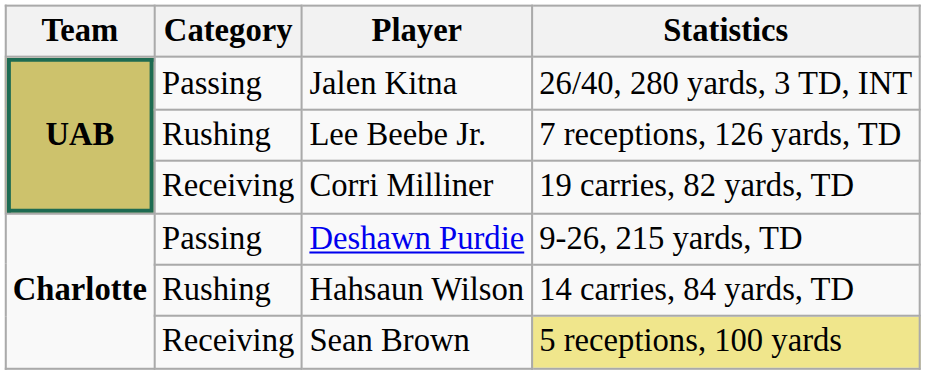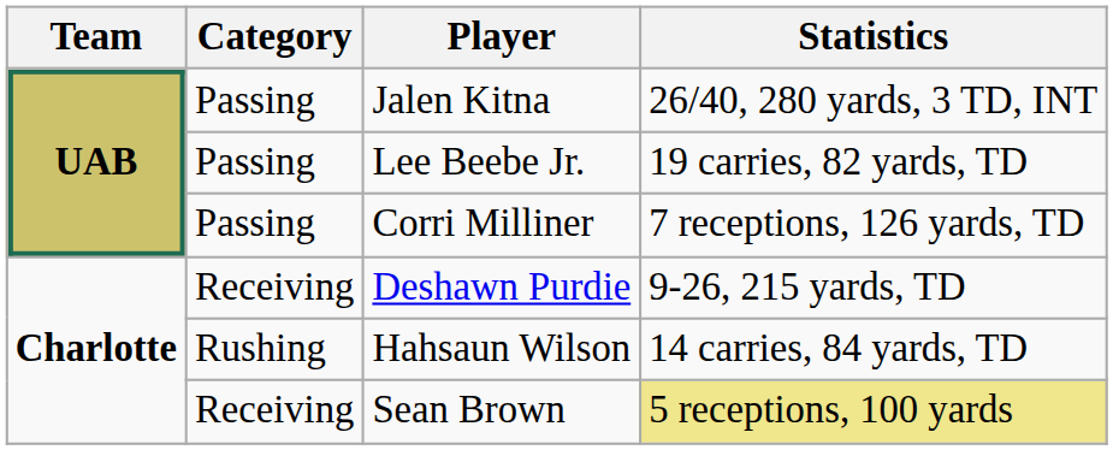 <table class="wikitable" style="float: right;">
 <tr>
 <th>Team</th>
 <th>Category</th>
 <th>Player</th>
 <th>Statistics</th>
 </tr>
 <tr>
 <td rowspan=3 style="background-color:#CDC26C;color:#000000;box-shadow: inset 2px 2px 0 #1E6B52, inset -2px -2px 0 #1E6B52; text-align:center;"><strong>UAB</strong></td>
 <td>Passing</td>
 <td>Jalen Kitna</td>
 <td>26/40, 280 yards, 3 TD, INT</td>
 </tr>
 <tr>
-<td>Rushing</td>
+<td>Passing</td>
 <td>Lee Beebe Jr.</td>
+<td>19 carries, 82 yards, TD</td>
+</tr>
+<tr>
+<td>Passing</td>
+<td>Corri Milliner</td>
 <td>7 receptions, 126 yards, TD</td>
 </tr>
 <tr>
+<td rowspan=3><strong>Charlotte</strong></td>
 <td>Receiving</td>
-<td>Corri Milliner</td>
-<td>19 carries, 82 yards, TD</td>
-</tr>
-<tr>
-<td rowspan=3><strong>Charlotte</strong></td>
-<td>Passing</td>
 <td><a href='#'>Deshawn Purdie</a></td>
 <td>9-26, 215 yards, TD</td>
 </tr>
 <tr>
 <td>Rushing</td>
 <td>Hahsaun Wilson</td>
 <td>14 carries, 84 yards, TD</td>
 </tr>
 <tr>
 <td>Receiving</td>
 <td>Sean Brown</td>
 <td style="background: khaki;">5 receptions, 100 yards</td>
 </tr>
 </table>
